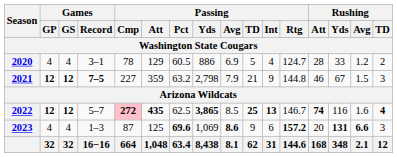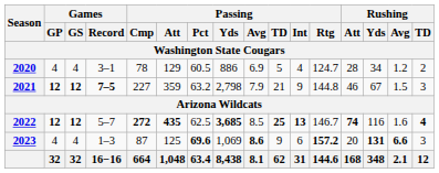 <table class="wikitable" style="text-align:center;">
 <tr>
 <th rowspan="2">Season</th>
 <th colspan="3">Games</th>
 <th colspan="8">Passing</th>
 <th colspan="5">Rushing</th>
 </tr>
 <tr>
 <th>GP</th>
 <th>GS</th>
 <th>Record</th>
 <th>Cmp</th>
 <th>Att</th>
 <th>Pct</th>
 <th>Yds</th>
 <th>Avg</th>
 <th>TD</th>
 <th>Int</th>
 <th>Rtg</th>
 <th>Att</th>
 <th>Yds</th>
 <th>Avg</th>
 <th>TD</th>
 </tr>
 <tr>
 <th colspan="16">Washington State Cougars</th>
 </tr>
 <tr>
 <th><a href='#'>2020</a></th>
 <td>4</td>
 <td>4</td>
 <td>3–1</td>
 <td>78</td>
 <td>129</td>
 <td>60.5</td>
 <td>886</td>
 <td>6.9</td>
 <td>5</td>
 <td>4</td>
 <td>124.7</td>
 <td>28</td>
-<td>33</td>
+<td>34</td>
 <td>1.2</td>
 <td>2</td>
 </tr>
 <tr>
 <th><a href='#'>2021</a></th>
 <td><strong>12</strong></td>
 <td><strong>12</strong></td>
 <td><strong>7–5</strong></td>
 <td>227</td>
 <td>359</td>
 <td>63.2</td>
 <td>2,798</td>
 <td>7.9</td>
 <td>21</td>
 <td>9</td>
 <td>144.8</td>
 <td>46</td>
 <td>67</td>
 <td>1.5</td>
 <td>3</td>
 </tr>
 <tr>
 <th colspan="16">Arizona Wildcats</th>
 </tr>
 <tr>
 <th><a href='#'>2022</a></th>
 <td><strong>12</strong></td>
 <td><strong>12</strong></td>
 <td>5–7</td>
-<td style="background: pink;"><strong>272</strong></td>
+<td><strong>272</strong></td>
 <td><strong>435</strong></td>
 <td>62.5</td>
-<td><strong>3,865</strong></td>
+<td><strong>3,685</strong></td>
 <td>8.5</td>
 <td><strong>25</strong></td>
 <td><strong>13</strong></td>
 <td>146.7</td>
 <td><strong>74</strong></td>
 <td>116</td>
 <td>1.6</td>
 <td><strong>4</strong></td>
 </tr>
 <tr>
 <th><a href='#'>2023</a></th>
 <td>4</td>
 <td>4</td>
 <td>1–3</td>
 <td>87</td>
 <td>125</td>
 <td><strong>69.6</strong></td>
 <td>1,069</td>
 <td><strong>8.6</strong></td>
 <td>9</td>
 <td>6</td>
 <td><strong>157.2</strong></td>
 <td>20</td>
 <td><strong>131</strong></td>
 <td><strong>6.6</strong></td>
 <td>3</td>
 </tr>
 <tr>
 <th></th>
 <th>32</th>
 <th>32</th>
 <th>16−16</th>
 <th>664</th>
 <th>1,048</th>
 <th>63.4</th>
 <th>8,438</th>
 <th>8.1</th>
 <th>62</th>
 <th>31</th>
 <th>144.6</th>
 <th>168</th>
 <th>348</th>
 <th>2.1</th>
 <th>12</th>
 </tr>
 </table>
